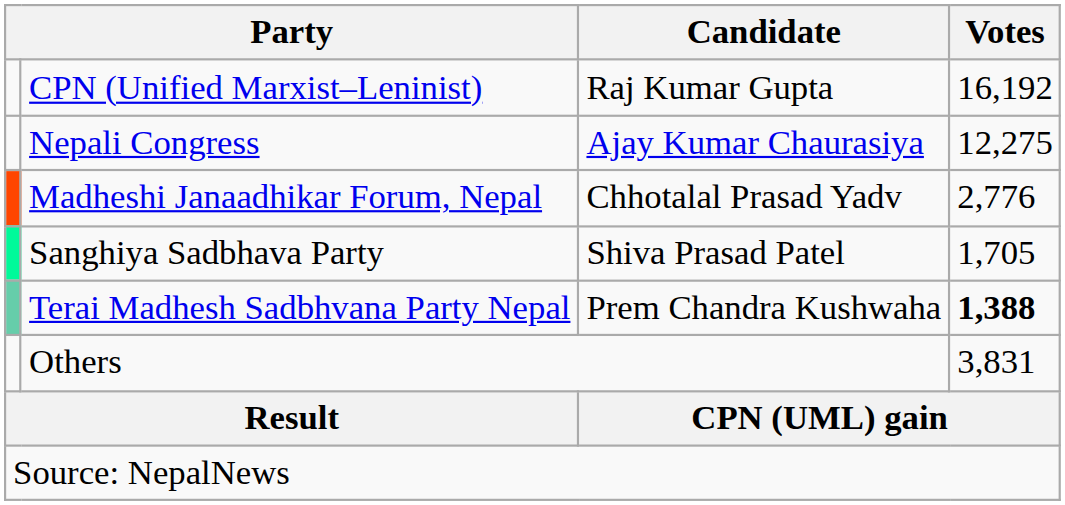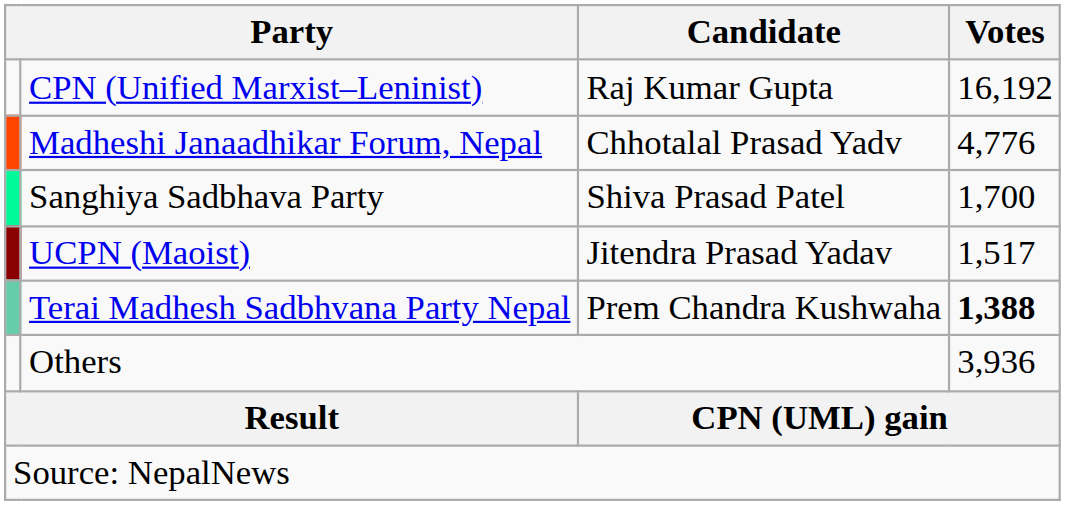 <table class="wikitable">
 <tr>
 <th colspan="2">Party</th>
 <th>Candidate</th>
 <th>Votes</th>
 </tr>
 <tr>
 <td style="background-color:"></td>
 <td><a href='#'>CPN (Unified Marxist–Leninist)</a></td>
 <td>Raj Kumar Gupta</td>
 <td>16,192</td>
 </tr>
 <tr>
-<td style="background-color:"></td>
-<td><a href='#'>Nepali Congress</a></td>
-<td><a href='#'>Ajay Kumar Chaurasiya</a></td>
-<td>12,275</td>
-</tr>
-<tr>
 <td style="background-color:orangered"></td>
 <td><a href='#'>Madheshi Janaadhikar Forum, Nepal</a></td>
 <td>Chhotalal Prasad Yadv</td>
-<td>2,776</td>
+<td>4,776</td>
 </tr>
 <tr>
 <td bgcolor="mediumspringgreen"></td>
 <td>Sanghiya Sadbhava Party</td>
 <td>Shiva Prasad Patel</td>
-<td>1,705</td>
+<td>1,700</td>
+</tr>
+<tr>
+<td style="background-color:darkred"></td>
+<td><a href='#'>UCPN (Maoist)</a></td>
+<td>Jitendra Prasad Yadav</td>
+<td>1,517</td>
 </tr>
 <tr>
 <td bgcolor="mediumaquamarine"></td>
 <td><a href='#'>Terai Madhesh Sadbhvana Party Nepal</a></td>
 <td>Prem Chandra Kushwaha</td>
 <td><strong>1,388</strong></td>
 </tr>
 <tr>
 <td></td>
 <td colspan="2">Others</td>
-<td>3,831</td>
+<td>3,936</td>
 </tr>
 <tr>
 <th colspan="2">Result</th>
 <th colspan="2">CPN (UML) gain</th>
 </tr>
 <tr>
 <td colspan="4">Source: NepalNews</td>
 </tr>
 </table>
